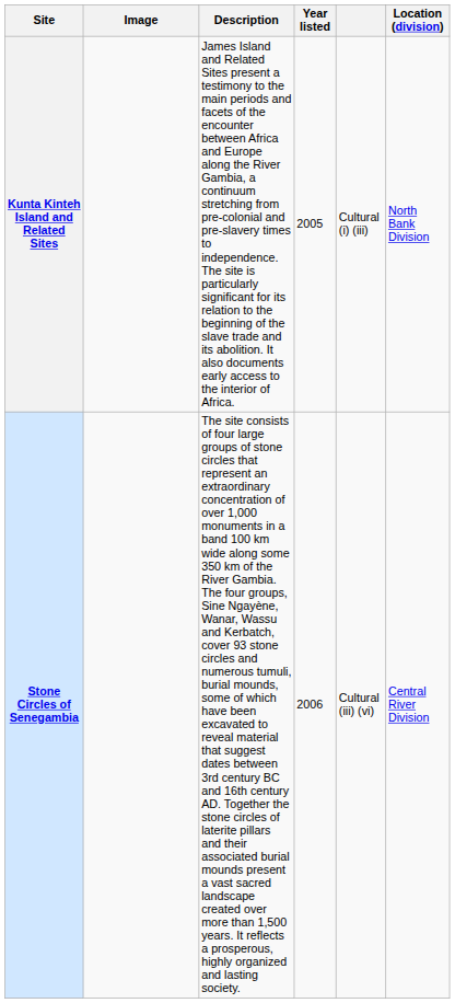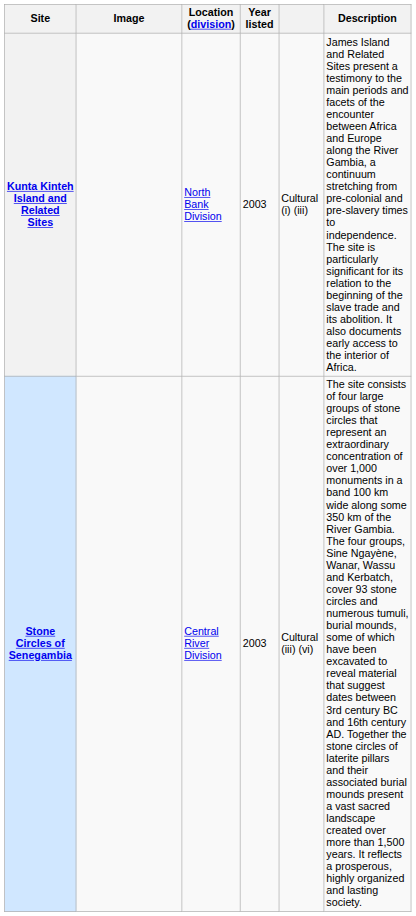 <table class="wikitable sortable plainrowheaders">
 <tr>
 <th style="width:100px;" scope="col">Site</th>
 <th class="unsortable"  style="width:150px;" scope="col">Image</th>
-<th scope="col" class="unsortable">Description</th>
+<th style="width:80px;" scope="col">Location (<a href='#'>division</a>)</th>
 <th style="width:50px;" scope="col">Year listed</th>
 <th style="width:60px;" scope="col" data-sort-type="number"></th>
-<th style="width:80px;" scope="col">Location (<a href='#'>division</a>)</th>
+<th scope="col" class="unsortable">Description</th>
 </tr>
 <tr>
 <th scope="row"><a href='#'>Kunta Kinteh Island and Related Sites</a></th>
 <td></td>
+<td><a href='#'>North Bank Division</a></td>
+<td>2003</td>
+<td>Cultural (i) (iii)</td>
 <td>James Island and Related Sites present a testimony to the main periods and facets of the encounter between Africa and Europe along the River Gambia, a continuum stretching from pre-colonial and pre-slavery times to independence. The site is particularly significant for its relation to the beginning of the slave trade and its abolition. It also documents early access to the interior of Africa.</td>
-<td>2005</td>
-<td>Cultural (i) (iii)</td>
-<td><a href='#'>North Bank Division</a></td>
 </tr>
 <tr>
 <th scope="row" style="background:#D0E7FF"><a href='#'>Stone Circles of Senegambia</a></th>
 <td></td>
+<td><a href='#'>Central River Division</a></td>
+<td>2003</td>
+<td>Cultural (iii) (vi)</td>
 <td>The site consists of four large groups of stone circles that represent an extraordinary concentration of over 1,000 monuments in a band 100 km wide along some 350 km of the River Gambia. The four groups, Sine Ngayène, Wanar, Wassu and Kerbatch, cover 93 stone circles and numerous tumuli, burial mounds, some of which have been excavated to reveal material that suggest dates between 3rd century BC and 16th century AD. Together the stone circles of laterite pillars and their associated burial mounds present a vast sacred landscape created over more than 1,500 years. It reflects a prosperous, highly organized and lasting society.</td>
-<td>2006</td>
-<td>Cultural (iii) (vi)</td>
-<td><a href='#'>Central River Division</a></td>
 </tr>
 </table>
